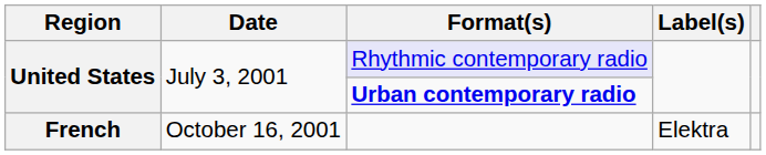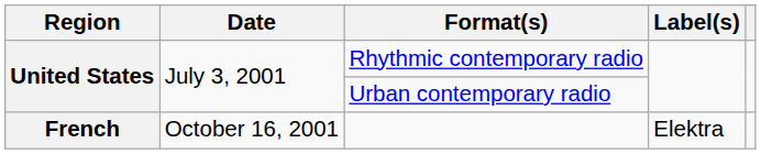 <table class="wikitable plainrowheaders">
 <tr>
 <th scope="col">Region</th>
 <th scope="col">Date</th>
 <th scope="col">Format(s)</th>
 <th scope="col">Label(s)</th>
 <th scope="col"></th>
 </tr>
 <tr>
 <th rowspan="2" scope="row">United States</th>
 <td rowspan="2">July 3, 2001</td>
-<td style="background: lavender;"><a href='#'>Rhythmic contemporary radio</a></td>
+<td><a href='#'>Rhythmic contemporary radio</a></td>
 <td rowspan="2"></td>
 <td rowspan="2" align="center"></td>
 </tr>
 <tr>
-<td><strong><a href='#'>Urban contemporary radio</a></strong></td>
+<td><a href='#'>Urban contemporary radio</a></td>
 </tr>
 <tr>
 <th scope="row">French</th>
 <td>October 16, 2001</td>
 <td></td>
 <td>Elektra</td>
 <td align="center"></td>
 </tr>
 </table>
